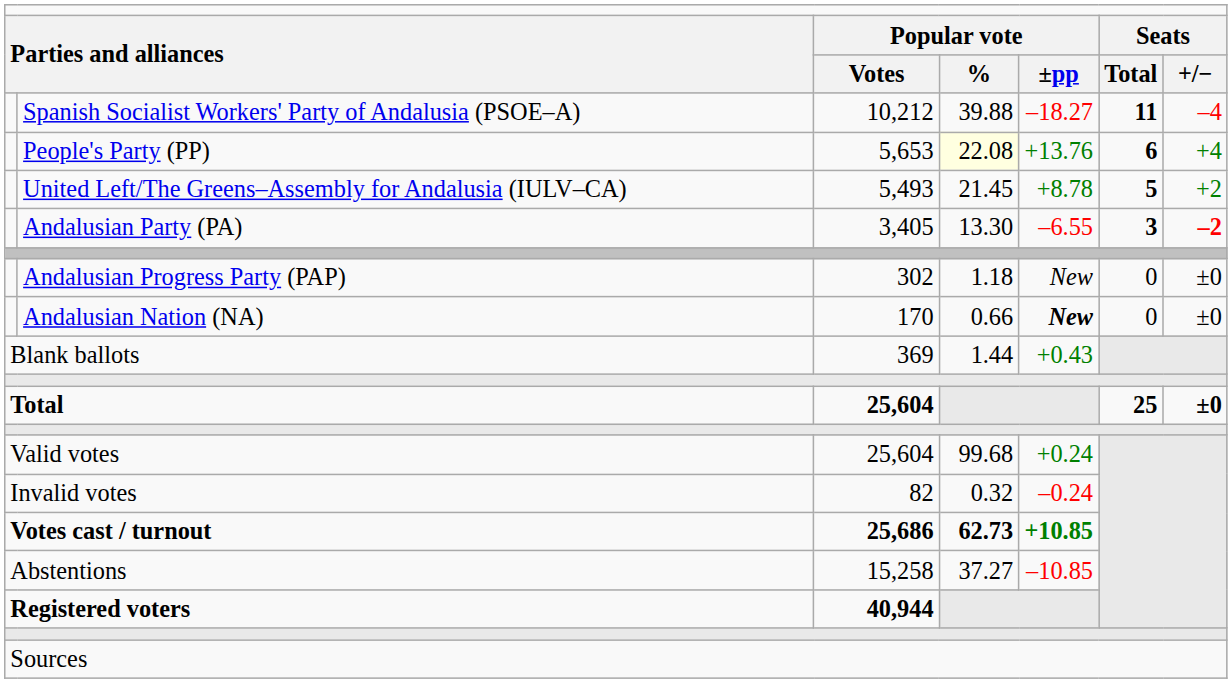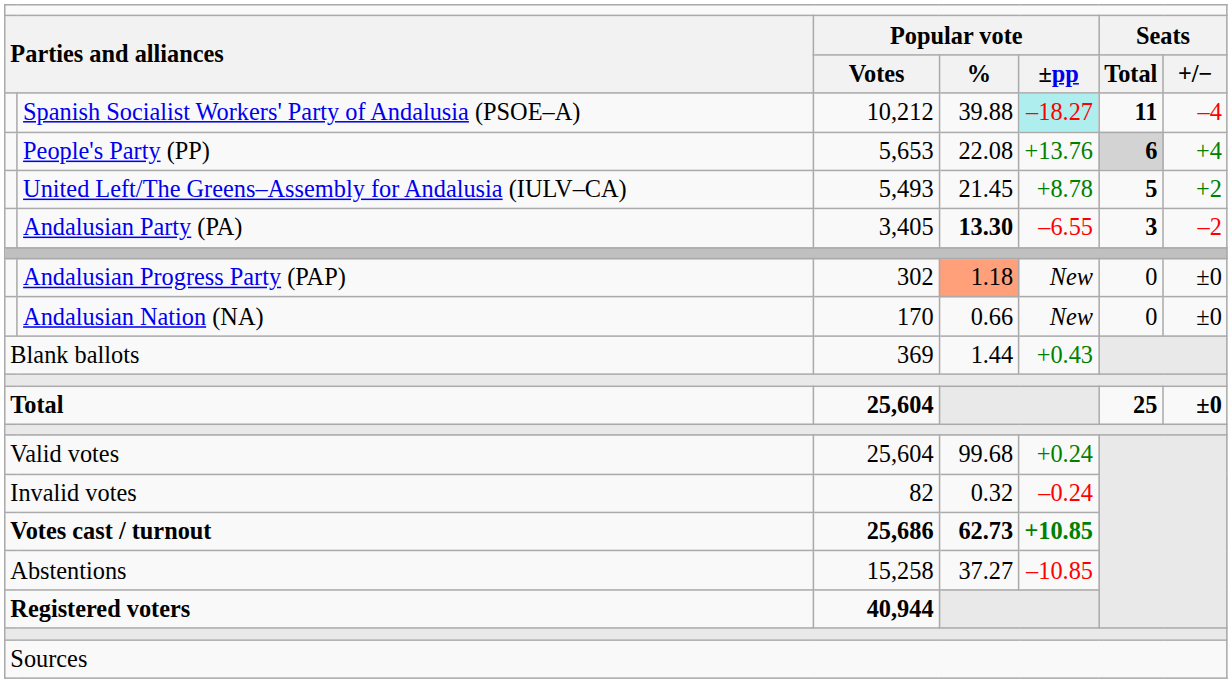 <table class="wikitable" style="text-align:right;">
 <tr>
 <td colspan="7"></td>
 </tr>
 <tr>
 <th style="text-align:left;" rowspan="2" colspan="2" width="525">Parties and alliances</th>
 <th colspan="3">Popular vote</th>
 <th colspan="2">Seats</th>
 </tr>
 <tr>
 <th width="75">Votes</th>
 <th width="45">%</th>
 <th width="45">±<a href='#'>pp</a></th>
 <th width="35">Total</th>
 <th width="35">+/−</th>
 </tr>
 <tr>
 <td width="1" style="color:inherit;background:"></td>
 <td align="left"><a href='#'>Spanish Socialist Workers' Party of Andalusia</a> (PSOE–A)</td>
 <td>10,212</td>
 <td>39.88</td>
-<td style="color:red;">–18.27</td>
+<td style="background: paleturquoise; color:red;">–18.27</td>
 <td><strong>11</strong></td>
 <td style="color:red;">–4</td>
 </tr>
 <tr>
 <td style="color:inherit;background:"></td>
 <td align="left"><a href='#'>People's Party</a> (PP)</td>
 <td>5,653</td>
-<td style="background: lightyellow;">22.08</td>
+<td>22.08</td>
 <td style="color:green;">+13.76</td>
-<td><strong>6</strong></td>
+<td style="background: lightgrey;"><strong>6</strong></td>
 <td style="color:green;">+4</td>
 </tr>
 <tr>
 <td style="color:inherit;background:"></td>
 <td align="left"><a href='#'>United Left/The Greens–Assembly for Andalusia</a> (IULV–CA)</td>
 <td>5,493</td>
 <td>21.45</td>
 <td style="color:green;">+8.78</td>
 <td><strong>5</strong></td>
 <td style="color:green;">+2</td>
 </tr>
 <tr>
 <td style="color:inherit;background:"></td>
 <td align="left"><a href='#'>Andalusian Party</a> (PA)</td>
 <td>3,405</td>
-<td>13.30</td>
+<td><strong>13.30</strong></td>
 <td style="color:red;">–6.55</td>
 <td><strong>3</strong></td>
-<td style="color:red;"><strong>–2</strong></td>
+<td style="color:red;">–2</td>
 </tr>
 <tr>
 <td colspan="7" bgcolor="#C0C0C0"></td>
 </tr>
 <tr>
 <td style="color:inherit;background:"></td>
 <td align="left"><a href='#'>Andalusian Progress Party</a> (PAP)</td>
 <td>302</td>
-<td>1.18</td>
+<td style="background: lightsalmon;">1.18</td>
 <td><em>New</em></td>
 <td>0</td>
 <td>±0</td>
 </tr>
 <tr>
 <td style="color:inherit;background:"></td>
 <td align="left"><a href='#'>Andalusian Nation</a> (NA)</td>
 <td>170</td>
 <td>0.66</td>
-<td><strong><em>New</em></strong></td>
+<td><em>New</em></td>
 <td>0</td>
 <td>±0</td>
 </tr>
 <tr>
 <td align="left" colspan="2">Blank ballots</td>
 <td>369</td>
 <td>1.44</td>
 <td style="color:green;">+0.43</td>
 <td bgcolor="#E9E9E9" colspan="2"></td>
 </tr>
 <tr>
 <td colspan="7" bgcolor="#E9E9E9"></td>
 </tr>
 <tr style="font-weight:bold;">
 <td align="left" colspan="2">Total</td>
 <td>25,604</td>
 <td bgcolor="#E9E9E9" colspan="2"></td>
 <td>25</td>
 <td>±0</td>
 </tr>
 <tr>
 <td colspan="7" bgcolor="#E9E9E9"></td>
 </tr>
 <tr>
 <td align="left" colspan="2">Valid votes</td>
 <td>25,604</td>
 <td>99.68</td>
 <td style="color:green;">+0.24</td>
 <td bgcolor="#E9E9E9" colspan="2" rowspan="5"></td>
 </tr>
 <tr>
 <td align="left" colspan="2">Invalid votes</td>
 <td>82</td>
 <td>0.32</td>
 <td style="color:red;">–0.24</td>
 </tr>
 <tr style="font-weight:bold;">
 <td align="left" colspan="2">Votes cast / turnout</td>
 <td>25,686</td>
 <td>62.73</td>
 <td style="color:green;">+10.85</td>
 </tr>
 <tr>
 <td align="left" colspan="2">Abstentions</td>
 <td>15,258</td>
 <td>37.27</td>
 <td style="color:red;">–10.85</td>
 </tr>
 <tr style="font-weight:bold;">
 <td align="left" colspan="2">Registered voters</td>
 <td>40,944</td>
 <td bgcolor="#E9E9E9" colspan="2"></td>
 </tr>
 <tr>
 <td colspan="7" bgcolor="#E9E9E9"></td>
 </tr>
 <tr>
 <td align="left" colspan="7">Sources</td>
 </tr>
 </table>
